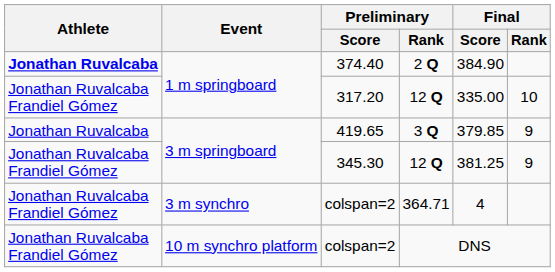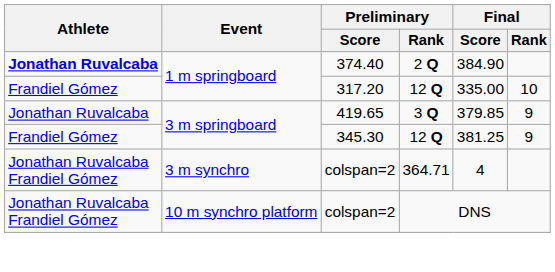 <table class=wikitable style=font-size:90%;text-align:center>
 <tr>
 <th rowspan=2>Athlete</th>
 <th rowspan=2>Event</th>
 <th colspan=2>Preliminary</th>
 <th colspan=2>Final</th>
 </tr>
 <tr style=font-size:95%>
 <th>Score</th>
 <th>Rank</th>
 <th>Score</th>
 <th>Rank</th>
 </tr>
 <tr>
 <td align=left><strong><a href='#'>Jonathan Ruvalcaba</a></strong></td>
 <td align=left rowspan=2><a href='#'>1 m springboard</a></td>
 <td>374.40</td>
 <td>2 <strong>Q</strong></td>
 <td>384.90</td>
 <td></td>
 </tr>
 <tr>
-<td align=left><a href='#'>Jonathan Ruvalcaba</a><br><a href='#'>Frandiel Gómez</a></td>
+<td align=left><a href='#'>Frandiel Gómez</a></td>
 <td>317.20</td>
 <td>12 <strong>Q</strong></td>
 <td>335.00</td>
 <td>10</td>
 </tr>
 <tr>
 <td align=left><a href='#'>Jonathan Ruvalcaba</a></td>
 <td align=left rowspan=2><a href='#'>3 m springboard</a></td>
 <td>419.65</td>
 <td>3 <strong>Q</strong></td>
 <td>379.85</td>
 <td>9</td>
 </tr>
 <tr>
-<td align=left><a href='#'>Jonathan Ruvalcaba</a><br><a href='#'>Frandiel Gómez</a></td>
+<td align=left><a href='#'>Frandiel Gómez</a></td>
 <td>345.30</td>
 <td>12 <strong>Q</strong></td>
 <td>381.25</td>
 <td>9</td>
 </tr>
 <tr>
 <td align=left><a href='#'>Jonathan Ruvalcaba</a><br><a href='#'>Frandiel Gómez</a></td>
 <td align=left><a href='#'>3 m synchro</a></td>
 <td>colspan=2 </td>
 <td>364.71</td>
 <td>4</td>
 </tr>
 <tr>
 <td align=left><a href='#'>Jonathan Ruvalcaba</a><br><a href='#'>Frandiel Gómez</a></td>
 <td align=left><a href='#'>10 m synchro platform</a></td>
 <td>colspan=2 </td>
 <td colspan=5>DNS</td>
 </tr>
 </table>
